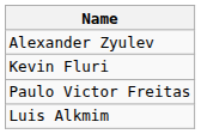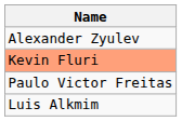 <table class="wikitable">
 <tr>
 <th>Name</th>
 </tr>
 <tr>
 <td> Alexander Zyulev</td>
 </tr>
 <tr>
-<td> Kevin Fluri</td>
+<td style="background: lightsalmon;"> Kevin Fluri</td>
 </tr>
 <tr>
 <td> Paulo Victor Freitas</td>
 </tr>
 <tr>
 <td> Luis Alkmim</td>
 </tr>
 </table>
